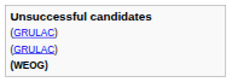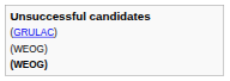 <table class="infobox" style="width:300px;">
 <tr>
 <td><strong>Unsuccessful candidates</strong></td>
 </tr>
 <tr>
 <td> <small>(<a href='#'>GRULAC</a>)</small></td>
 </tr>
 <tr>
-<td> <small>(<a href='#'>GRULAC</a>)</small></td>
+<td> <small>(WEOG)</small></td>
 </tr>
 <tr>
 <td><strong> <small>(WEOG)</small></strong></td>
 </tr>
 </table>
